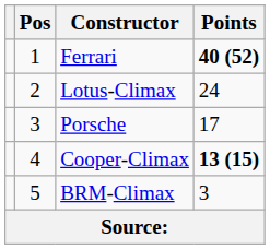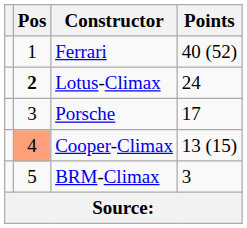 <table class="wikitable" style="font-size: 95%;">
 <tr>
 <th></th>
 <th>Pos</th>
 <th>Constructor</th>
 <th>Points</th>
 </tr>
 <tr>
 <td align="left"></td>
 <td align="center">1</td>
 <td> <a href='#'>Ferrari</a></td>
-<td align="left"><strong>40 (52)</strong></td>
+<td align="left">40 (52)</td>
 </tr>
 <tr>
 <td align="left"></td>
-<td align="center">2</td>
+<td align="center"><strong>2</strong></td>
 <td> <a href='#'>Lotus</a>-<a href='#'>Climax</a></td>
 <td align="left">24</td>
 </tr>
 <tr>
 <td align="left"></td>
 <td align="center">3</td>
 <td> <a href='#'>Porsche</a></td>
 <td align="left">17</td>
 </tr>
 <tr>
 <td align="left"></td>
-<td align="center">4</td>
+<td align="center" style="background: lightsalmon;">4</td>
 <td> <a href='#'>Cooper</a>-<a href='#'>Climax</a></td>
-<td align="left"><strong>13 (15)</strong></td>
+<td align="left">13 (15)</td>
 </tr>
 <tr>
 <td align="left"></td>
 <td align="center">5</td>
 <td> <a href='#'>BRM</a>-<a href='#'>Climax</a></td>
 <td align="left">3</td>
 </tr>
 <tr>
 <th colspan=4>Source:</th>
 </tr>
 </table>
